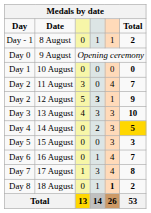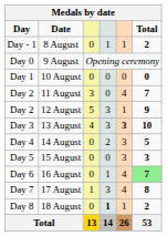 <table class="wikitable" style="font-size:85%;float:left;text-align:center">
 <tr style="background:#efefef;">
 <th colspan=7><strong>Medals by date</strong></th>
 </tr>
 <tr style="text-align:center;">
 <td><strong>Day</strong></td>
 <td><strong>Date</strong></td>
 <td style="background:#F7F6A8;"></td>
 <td style="background:#DCE5E5;"></td>
 <td style="background:#FFDAB9;"></td>
 <td><strong>Total</strong></td>
 </tr>
 <tr style="text-align:center;">
 <td>Day - 1</td>
 <td>8 August</td>
 <td style="background:#F7F6A8;">0</td>
 <td style="background:#DCE5E5;">1</td>
 <td style="background:#FFDAB9;">1</td>
 <td><strong>2</strong></td>
 </tr>
 <tr style="text-align:center;">
 <td>Day 0</td>
 <td>9 August</td>
 <td colspan="4" style="text-align:left center ;"><em>Opening ceremony</em></td>
 </tr>
 <tr style="text-align:center;">
 <td>Day 1</td>
 <td>10 August</td>
 <td style="background:#F7F6A8;">0</td>
 <td style="background:#DCE5E5;">0</td>
 <td style="background:#FFDAB9;">0</td>
 <td><strong>0</strong></td>
 </tr>
 <tr style="text-align:center;">
 <td>Day 2</td>
 <td>11 August</td>
 <td style="background:#F7F6A8;">3</td>
 <td style="background:#DCE5E5;">0</td>
 <td style="background:#FFDAB9;">4</td>
 <td><strong>7</strong></td>
 </tr>
 <tr style="text-align:center;">
 <td>Day 2</td>
 <td>12 August</td>
 <td style="background:#F7F6A8;">5</td>
-<td style="background:#DCE5E5;"><strong>3</strong></td>
+<td style="background:#DCE5E5;">3</td>
 <td style="background:#FFDAB9;">1</td>
 <td><strong>9</strong></td>
 </tr>
 <tr style="text-align:center;">
 <td>Day 3</td>
 <td>13 August</td>
 <td style="background:#F7F6A8;">4</td>
 <td style="background:#DCE5E5;">3</td>
-<td style="background:#FFDAB9;">3</td>
+<td style="background:#FFDAB9;"><strong>3</strong></td>
 <td><strong>10</strong></td>
 </tr>
 <tr>
 <td>Day 4</td>
 <td>14 August</td>
 <td style="background:#F7F6A8;">0</td>
 <td style="background:#DCE5E5;">2</td>
 <td style="background:#FFDAB9;">3</td>
-<td style="background: gold;"><strong>5</strong></td>
+<td><strong>5</strong></td>
 </tr>
 <tr>
 <td>Day 5</td>
 <td>15 August</td>
 <td style="background:#F7F6A8;">0</td>
 <td style="background:#DCE5E5;">0</td>
 <td style="background:#FFDAB9;">3</td>
 <td><strong>3</strong></td>
 </tr>
 <tr>
 <td>Day 6</td>
 <td>16 August</td>
 <td style="background:#F7F6A8;">0</td>
 <td style="background:#DCE5E5;">1</td>
 <td style="background:#FFDAB9;">4</td>
-<td><strong>7</strong></td>
+<td style="background: lightgreen;"><strong>7</strong></td>
 </tr>
 <tr>
 <td>Day 7</td>
 <td>17 August</td>
 <td style="background:#F7F6A8;">1</td>
 <td style="background:#DCE5E5;">3</td>
 <td style="background:#FFDAB9;">4</td>
 <td><strong>8</strong></td>
 </tr>
 <tr>
 <td>Day 8</td>
 <td>18 August</td>
 <td style="background:#F7F6A8;">0</td>
-<td style="background:#DCE5E5;">1</td>
-<td style="background:#FFDAB9;"><strong>1</strong></td>
+<td style="background:#DCE5E5;"><strong>1</strong></td>
+<td style="background:#FFDAB9;">1</td>
 <td><strong>2</strong></td>
 </tr>
 <tr>
 <th colspan="2"><strong>Total</strong></th>
 <th style="background:gold;"><strong>13</strong></th>
 <th style="background:silver;"><strong>14</strong></th>
 <th style="background:#c96;"><strong>26</strong></th>
 <th><strong>53</strong></th>
 </tr>
 </table>
